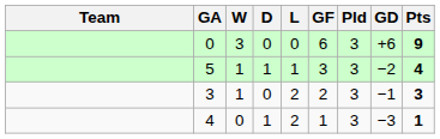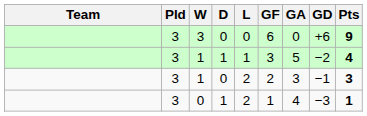 <table class="wikitable" style="text-align:center;">
 <tr>
 <th width=180>Team</th>
-<th width=20>GA</th>
+<th width=20>Pld</th>
 <th width=20>W</th>
 <th width=20>D</th>
 <th width=20>L</th>
 <th width=20>GF</th>
-<th width=20>Pld</th>
+<th width=20>GA</th>
 <th width=20>GD</th>
 <th width=20>Pts</th>
 </tr>
 <tr align=center style="background:#ccffcc;">
 <td style="text-align:left;"></td>
-<td>0</td>
+<td>3</td>
 <td>3</td>
 <td>0</td>
 <td>0</td>
 <td>6</td>
-<td>3</td>
+<td>0</td>
 <td>+6</td>
 <td><strong>9</strong></td>
 </tr>
 <tr align=center style="background:#ccffcc;">
 <td style="text-align:left;"></td>
-<td>5</td>
+<td>3</td>
 <td>1</td>
 <td>1</td>
 <td>1</td>
 <td>3</td>
-<td>3</td>
+<td>5</td>
 <td>−2</td>
 <td><strong>4</strong></td>
 </tr>
 <tr align=center>
 <td style="text-align:left;"></td>
 <td>3</td>
 <td>1</td>
 <td>0</td>
 <td>2</td>
 <td>2</td>
 <td>3</td>
 <td>−1</td>
 <td><strong>3</strong></td>
 </tr>
 <tr align=center>
 <td style="text-align:left;"></td>
-<td>4</td>
+<td>3</td>
 <td>0</td>
 <td>1</td>
 <td>2</td>
 <td>1</td>
-<td>3</td>
+<td>4</td>
 <td>−3</td>
 <td><strong>1</strong></td>
 </tr>
 </table>
